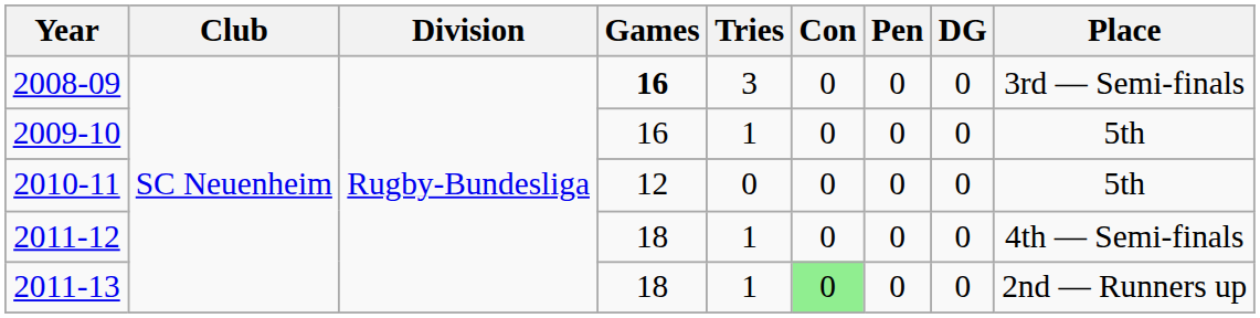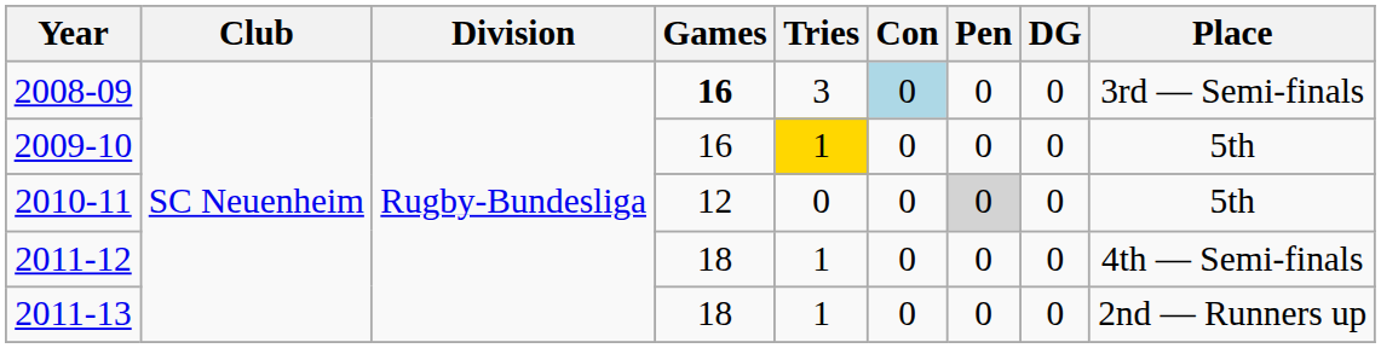 <table class="wikitable">
 <tr>
 <th>Year</th>
 <th>Club</th>
 <th>Division</th>
 <th>Games</th>
 <th>Tries</th>
 <th>Con</th>
 <th>Pen</th>
 <th>DG</th>
 <th>Place</th>
 </tr>
 <tr align="center">
 <td><a href='#'>2008-09</a></td>
 <td rowspan=5><a href='#'>SC Neuenheim</a></td>
 <td rowspan=5><a href='#'>Rugby-Bundesliga</a></td>
 <td><strong>16</strong></td>
 <td>3</td>
-<td>0</td>
+<td style="background: lightblue;">0</td>
 <td>0</td>
 <td>0</td>
 <td>3rd — Semi-finals</td>
 </tr>
 <tr align="center">
 <td><a href='#'>2009-10</a></td>
 <td>16</td>
-<td>1</td>
+<td style="background: gold;">1</td>
 <td>0</td>
 <td>0</td>
 <td>0</td>
 <td>5th</td>
 </tr>
 <tr align="center">
 <td><a href='#'>2010-11</a></td>
 <td>12</td>
 <td>0</td>
 <td>0</td>
-<td>0</td>
+<td style="background: lightgrey;">0</td>
 <td>0</td>
 <td>5th</td>
 </tr>
 <tr align="center">
 <td><a href='#'>2011-12</a></td>
 <td>18</td>
 <td>1</td>
 <td>0</td>
 <td>0</td>
 <td>0</td>
 <td>4th — Semi-finals</td>
 </tr>
 <tr align="center">
 <td><a href='#'>2011-13</a></td>
 <td>18</td>
 <td>1</td>
-<td style="background: lightgreen;">0</td>
+<td>0</td>
 <td>0</td>
 <td>0</td>
 <td>2nd — Runners up</td>
 </tr>
 </table>
